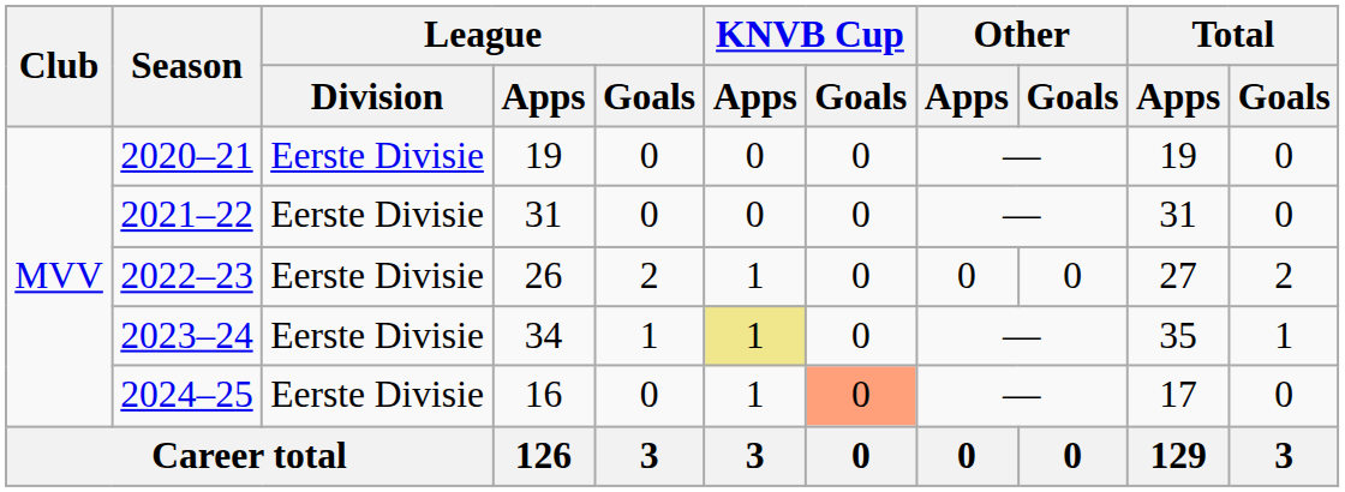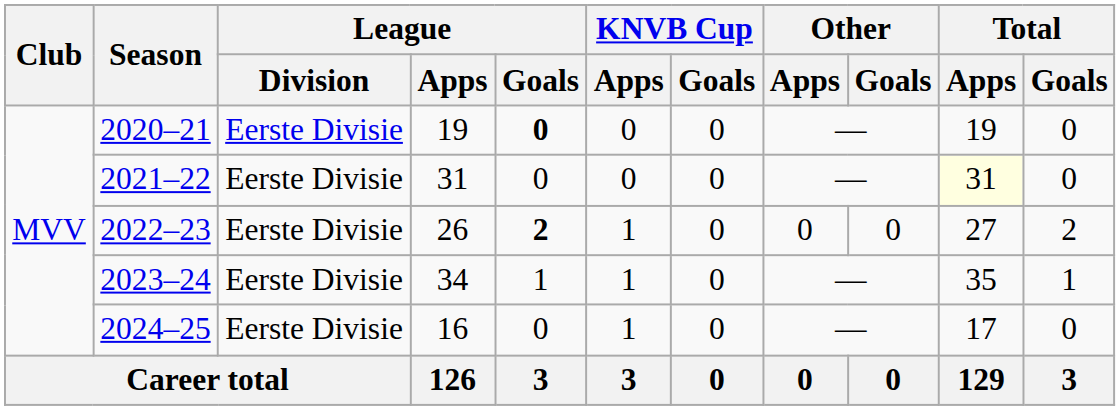 <table class="wikitable" style="text-align:center">
 <tr>
 <th rowspan="2">Club</th>
 <th rowspan="2">Season</th>
 <th colspan="3">League</th>
 <th colspan="2"><a href='#'>KNVB Cup</a></th>
 <th colspan="2">Other</th>
 <th colspan="2">Total</th>
 </tr>
 <tr>
 <th>Division</th>
 <th>Apps</th>
 <th>Goals</th>
 <th>Apps</th>
 <th>Goals</th>
 <th>Apps</th>
 <th>Goals</th>
 <th>Apps</th>
 <th>Goals</th>
 </tr>
 <tr>
 <td rowspan="5"><a href='#'>MVV</a></td>
 <td><a href='#'>2020–21</a></td>
 <td><a href='#'>Eerste Divisie</a></td>
 <td>19</td>
-<td>0</td>
+<td><strong>0</strong></td>
 <td>0</td>
 <td>0</td>
 <td colspan="2">—</td>
 <td>19</td>
 <td>0</td>
 </tr>
 <tr>
 <td><a href='#'>2021–22</a></td>
 <td>Eerste Divisie</td>
 <td>31</td>
 <td>0</td>
 <td>0</td>
 <td>0</td>
 <td colspan="2">—</td>
-<td>31</td>
+<td style="background: lightyellow;">31</td>
 <td>0</td>
 </tr>
 <tr>
 <td><a href='#'>2022–23</a></td>
 <td>Eerste Divisie</td>
 <td>26</td>
-<td>2</td>
+<td><strong>2</strong></td>
 <td>1</td>
 <td>0</td>
 <td>0</td>
 <td>0</td>
 <td>27</td>
 <td>2</td>
 </tr>
 <tr>
 <td><a href='#'>2023–24</a></td>
 <td>Eerste Divisie</td>
 <td>34</td>
 <td>1</td>
-<td style="background: khaki;">1</td>
+<td>1</td>
 <td>0</td>
 <td colspan="2">—</td>
 <td>35</td>
 <td>1</td>
 </tr>
 <tr>
 <td><a href='#'>2024–25</a></td>
 <td>Eerste Divisie</td>
 <td>16</td>
 <td>0</td>
 <td>1</td>
-<td style="background: lightsalmon;">0</td>
+<td>0</td>
 <td colspan="2">—</td>
 <td>17</td>
 <td>0</td>
 </tr>
 <tr>
 <th colspan="3">Career total</th>
 <th>126</th>
 <th>3</th>
 <th>3</th>
 <th>0</th>
 <th>0</th>
 <th>0</th>
 <th>129</th>
 <th>3</th>
 </tr>
 </table>
